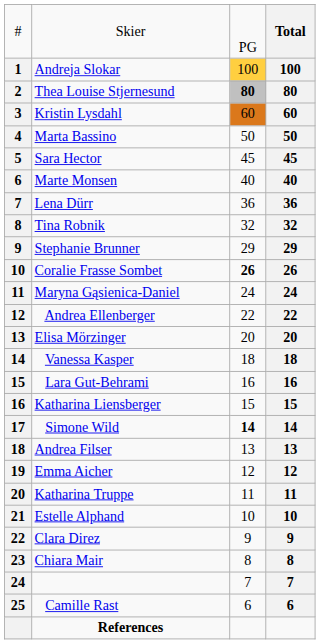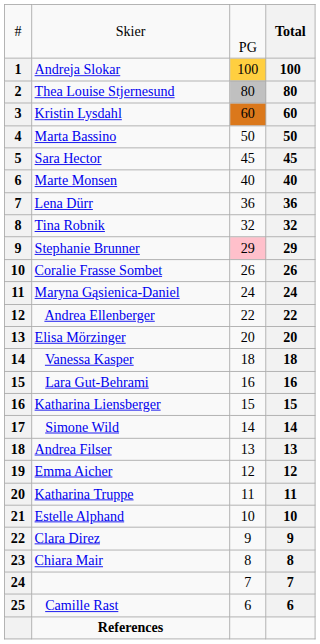 <table class="wikitable" width=40% style="font-size:100%; text-align:center;">
 <tr>
 <td>#</td>
 <td>Skier</td>
 <td><br> <br>PG</td>
 <th>Total</th>
 </tr>
 <tr>
 <th>1</th>
 <td align=left> <a href='#'>Andreja Slokar</a></td>
 <td bgcolor=ffcf40>100</td>
 <th>100</th>
 </tr>
 <tr>
 <th>2</th>
 <td align=left> <a href='#'>Thea Louise Stjernesund</a></td>
-<td bgcolor=c0c0c0><strong>80</strong></td>
+<td bgcolor=c0c0c0>80</td>
 <th>80</th>
 </tr>
 <tr>
 <th>3</th>
 <td align=left> <a href='#'>Kristin Lysdahl</a></td>
 <td bgcolor=db781b>60</td>
 <th>60</th>
 </tr>
 <tr>
 <th>4</th>
 <td align=left> <a href='#'>Marta Bassino</a></td>
 <td>50</td>
 <th>50</th>
 </tr>
 <tr>
 <th>5</th>
 <td align=left> <a href='#'>Sara Hector</a></td>
 <td>45</td>
 <th>45</th>
 </tr>
 <tr>
 <th>6</th>
 <td align=left> <a href='#'>Marte Monsen</a></td>
 <td>40</td>
 <th>40</th>
 </tr>
 <tr>
 <th>7</th>
 <td align=left> <a href='#'>Lena Dürr</a></td>
 <td>36</td>
 <th>36</th>
 </tr>
 <tr>
 <th>8</th>
 <td align=left> <a href='#'>Tina Robnik</a></td>
 <td>32</td>
 <th>32</th>
 </tr>
 <tr>
 <th>9</th>
 <td align=left> <a href='#'>Stephanie Brunner</a></td>
-<td>29</td>
+<td style="background: pink;">29</td>
 <th>29</th>
 </tr>
 <tr>
 <th>10</th>
 <td align=left> <a href='#'>Coralie Frasse Sombet</a></td>
-<td><strong>26</strong></td>
+<td>26</td>
 <th>26</th>
 </tr>
 <tr>
 <th>11</th>
 <td align=left> <a href='#'>Maryna Gąsienica-Daniel</a></td>
 <td>24</td>
 <th>24</th>
 </tr>
 <tr>
 <th>12</th>
 <td align=left>   <a href='#'>Andrea Ellenberger</a></td>
 <td>22</td>
 <th>22</th>
 </tr>
 <tr>
 <th>13</th>
 <td align=left> <a href='#'>Elisa Mörzinger</a></td>
 <td>20</td>
 <th>20</th>
 </tr>
 <tr>
 <th>14</th>
 <td align=left>   <a href='#'>Vanessa Kasper</a></td>
 <td>18</td>
 <th>18</th>
 </tr>
 <tr>
 <th>15</th>
 <td align=left>   <a href='#'>Lara Gut-Behrami</a></td>
 <td>16</td>
 <th>16</th>
 </tr>
 <tr>
 <th>16</th>
 <td align=left> <a href='#'>Katharina Liensberger</a></td>
 <td>15</td>
 <th>15</th>
 </tr>
 <tr>
 <th>17</th>
 <td align=left>   <a href='#'>Simone Wild</a></td>
-<td><strong>14</strong></td>
+<td>14</td>
 <th>14</th>
 </tr>
 <tr>
 <th>18</th>
 <td align=left> <a href='#'>Andrea Filser</a></td>
 <td>13</td>
 <th>13</th>
 </tr>
 <tr>
 <th>19</th>
 <td align=left> <a href='#'>Emma Aicher</a></td>
 <td>12</td>
 <th>12</th>
 </tr>
 <tr>
 <th>20</th>
 <td align=left> <a href='#'>Katharina Truppe</a></td>
 <td>11</td>
 <th>11</th>
 </tr>
 <tr>
 <th>21</th>
 <td align=left> <a href='#'>Estelle Alphand</a></td>
 <td>10</td>
 <th>10</th>
 </tr>
 <tr>
 <th>22</th>
 <td align=left> <a href='#'>Clara Direz</a></td>
 <td>9</td>
 <th>9</th>
 </tr>
 <tr>
 <th>23</th>
 <td align=left> <a href='#'>Chiara Mair</a></td>
 <td>8</td>
 <th>8</th>
 </tr>
 <tr>
 <th>24</th>
 <td align=left></td>
 <td>7</td>
 <th>7</th>
 </tr>
 <tr>
 <th>25</th>
 <td align=left>   <a href='#'>Camille Rast</a></td>
 <td>6</td>
 <th>6</th>
 </tr>
 <tr>
 <th></th>
 <td align=center><strong>References</strong></td>
 <td></td>
 </tr>
 </table>
